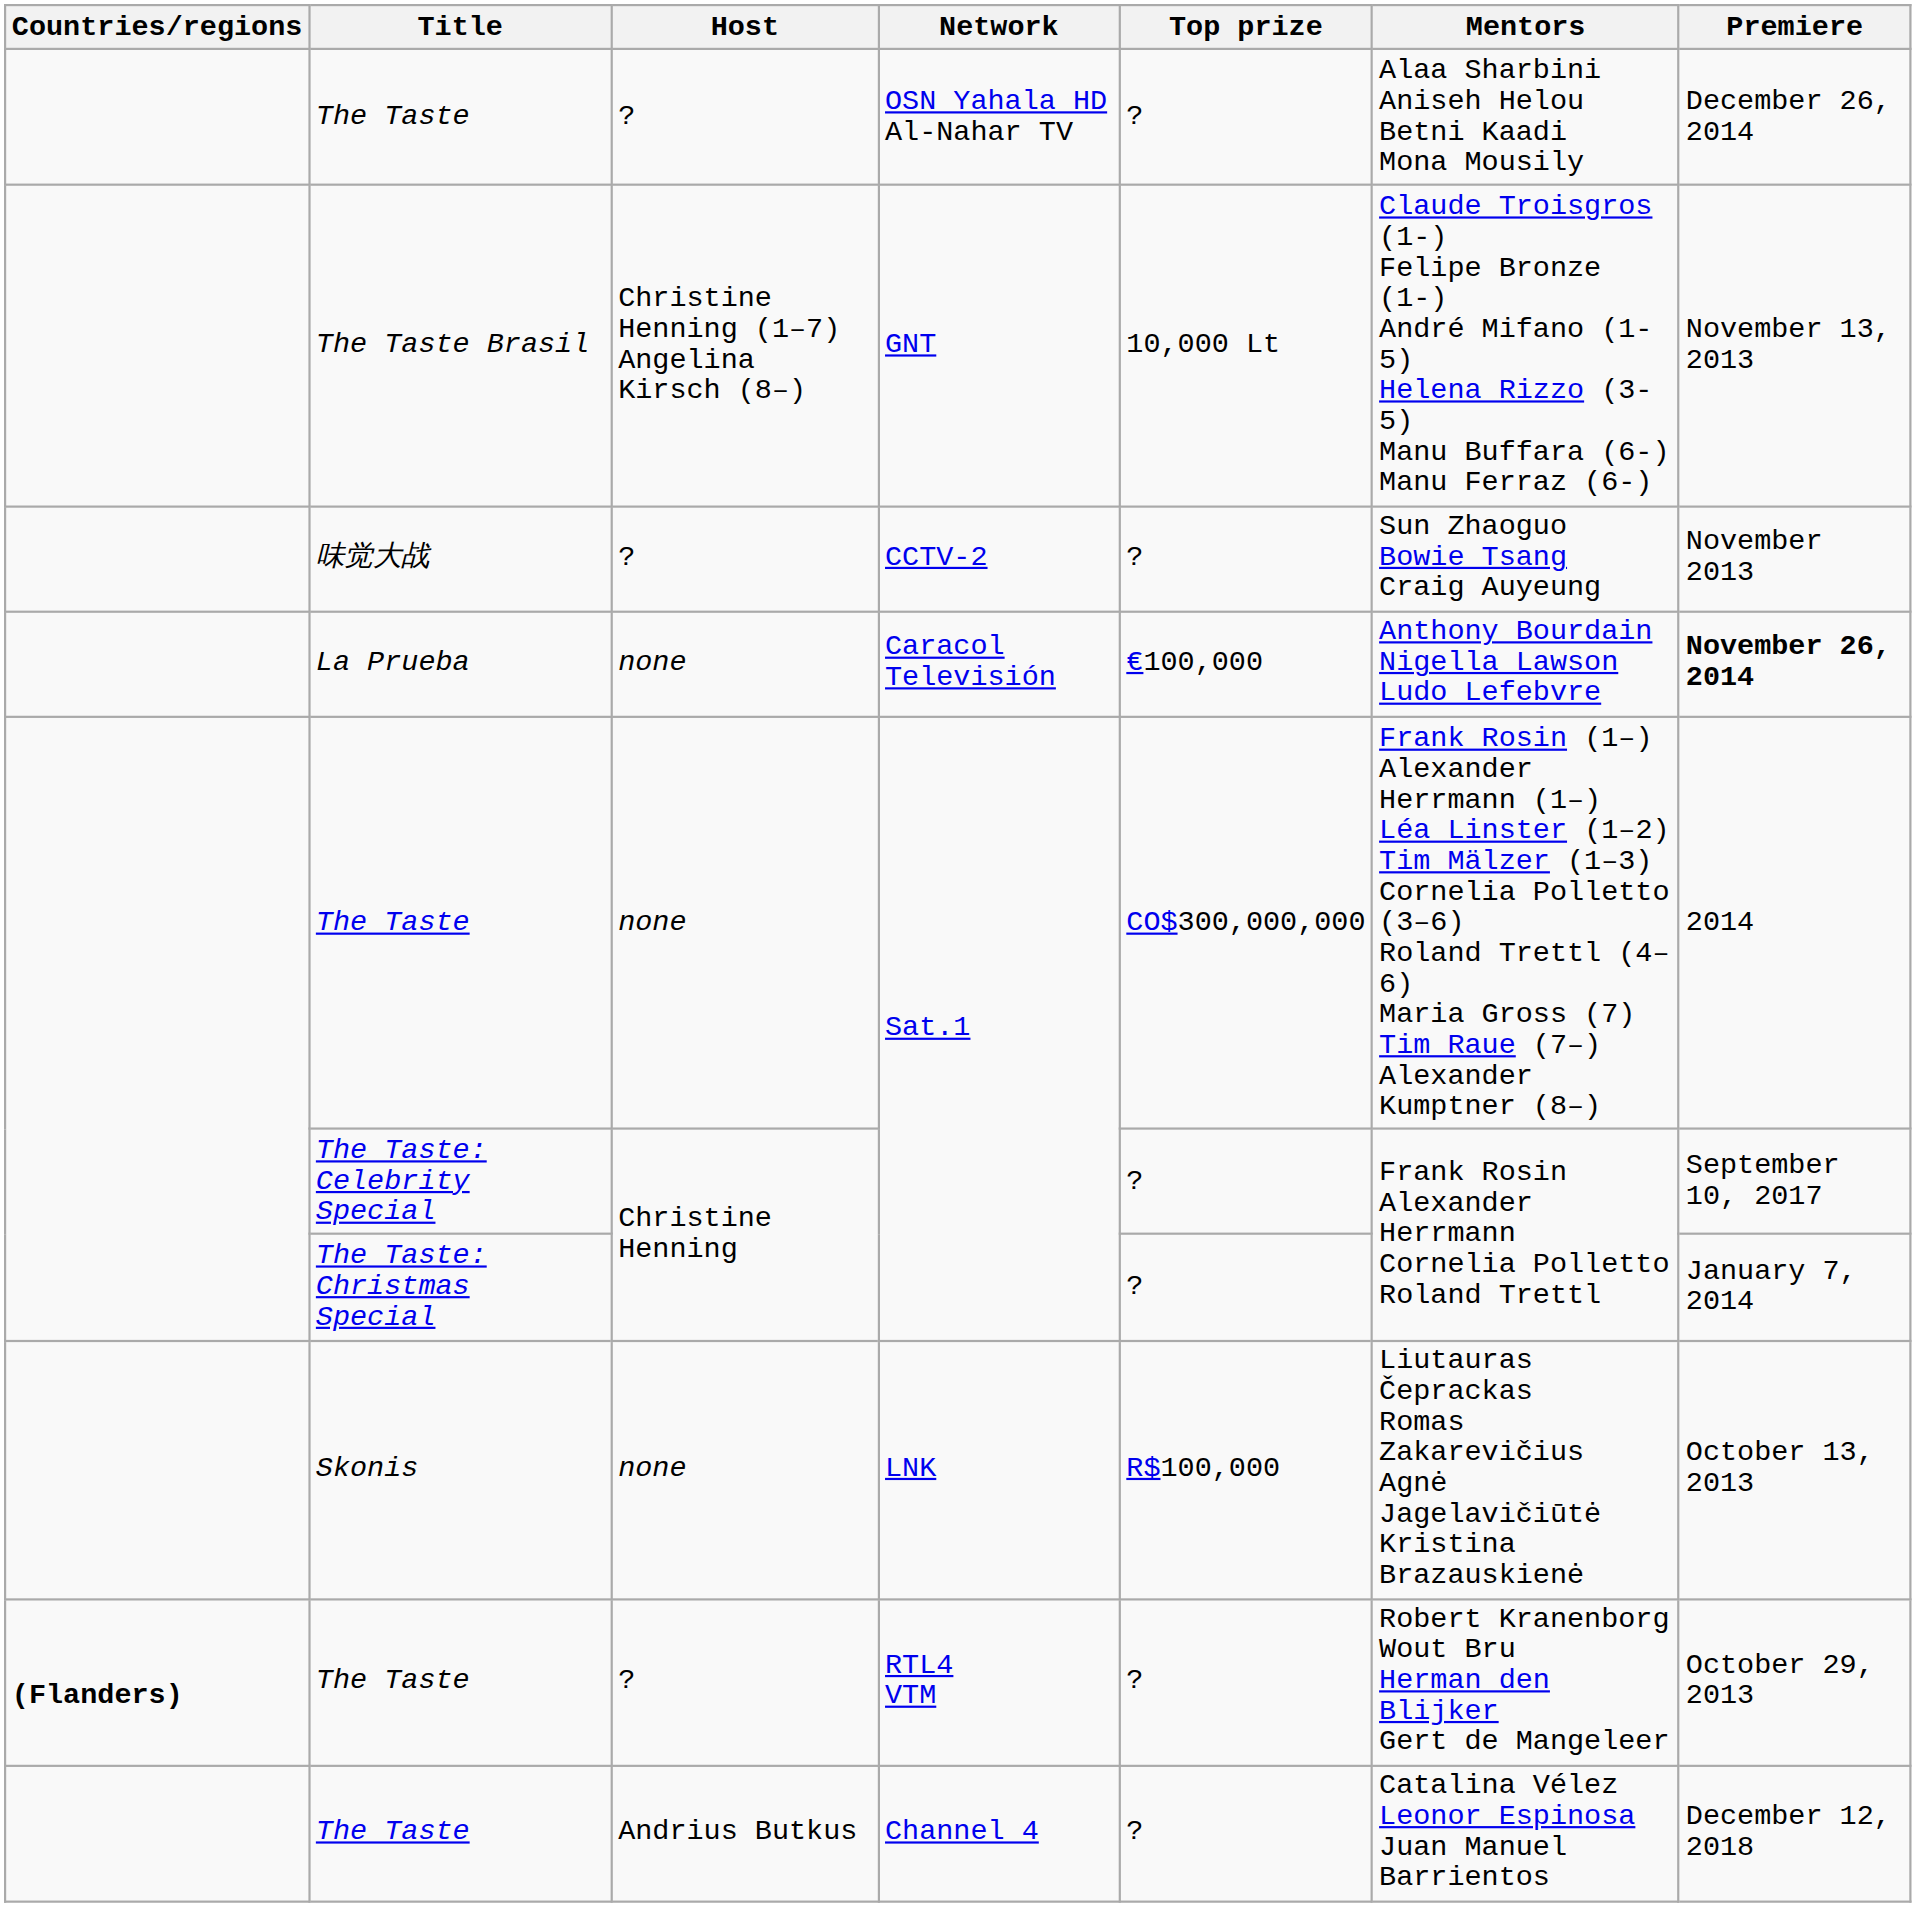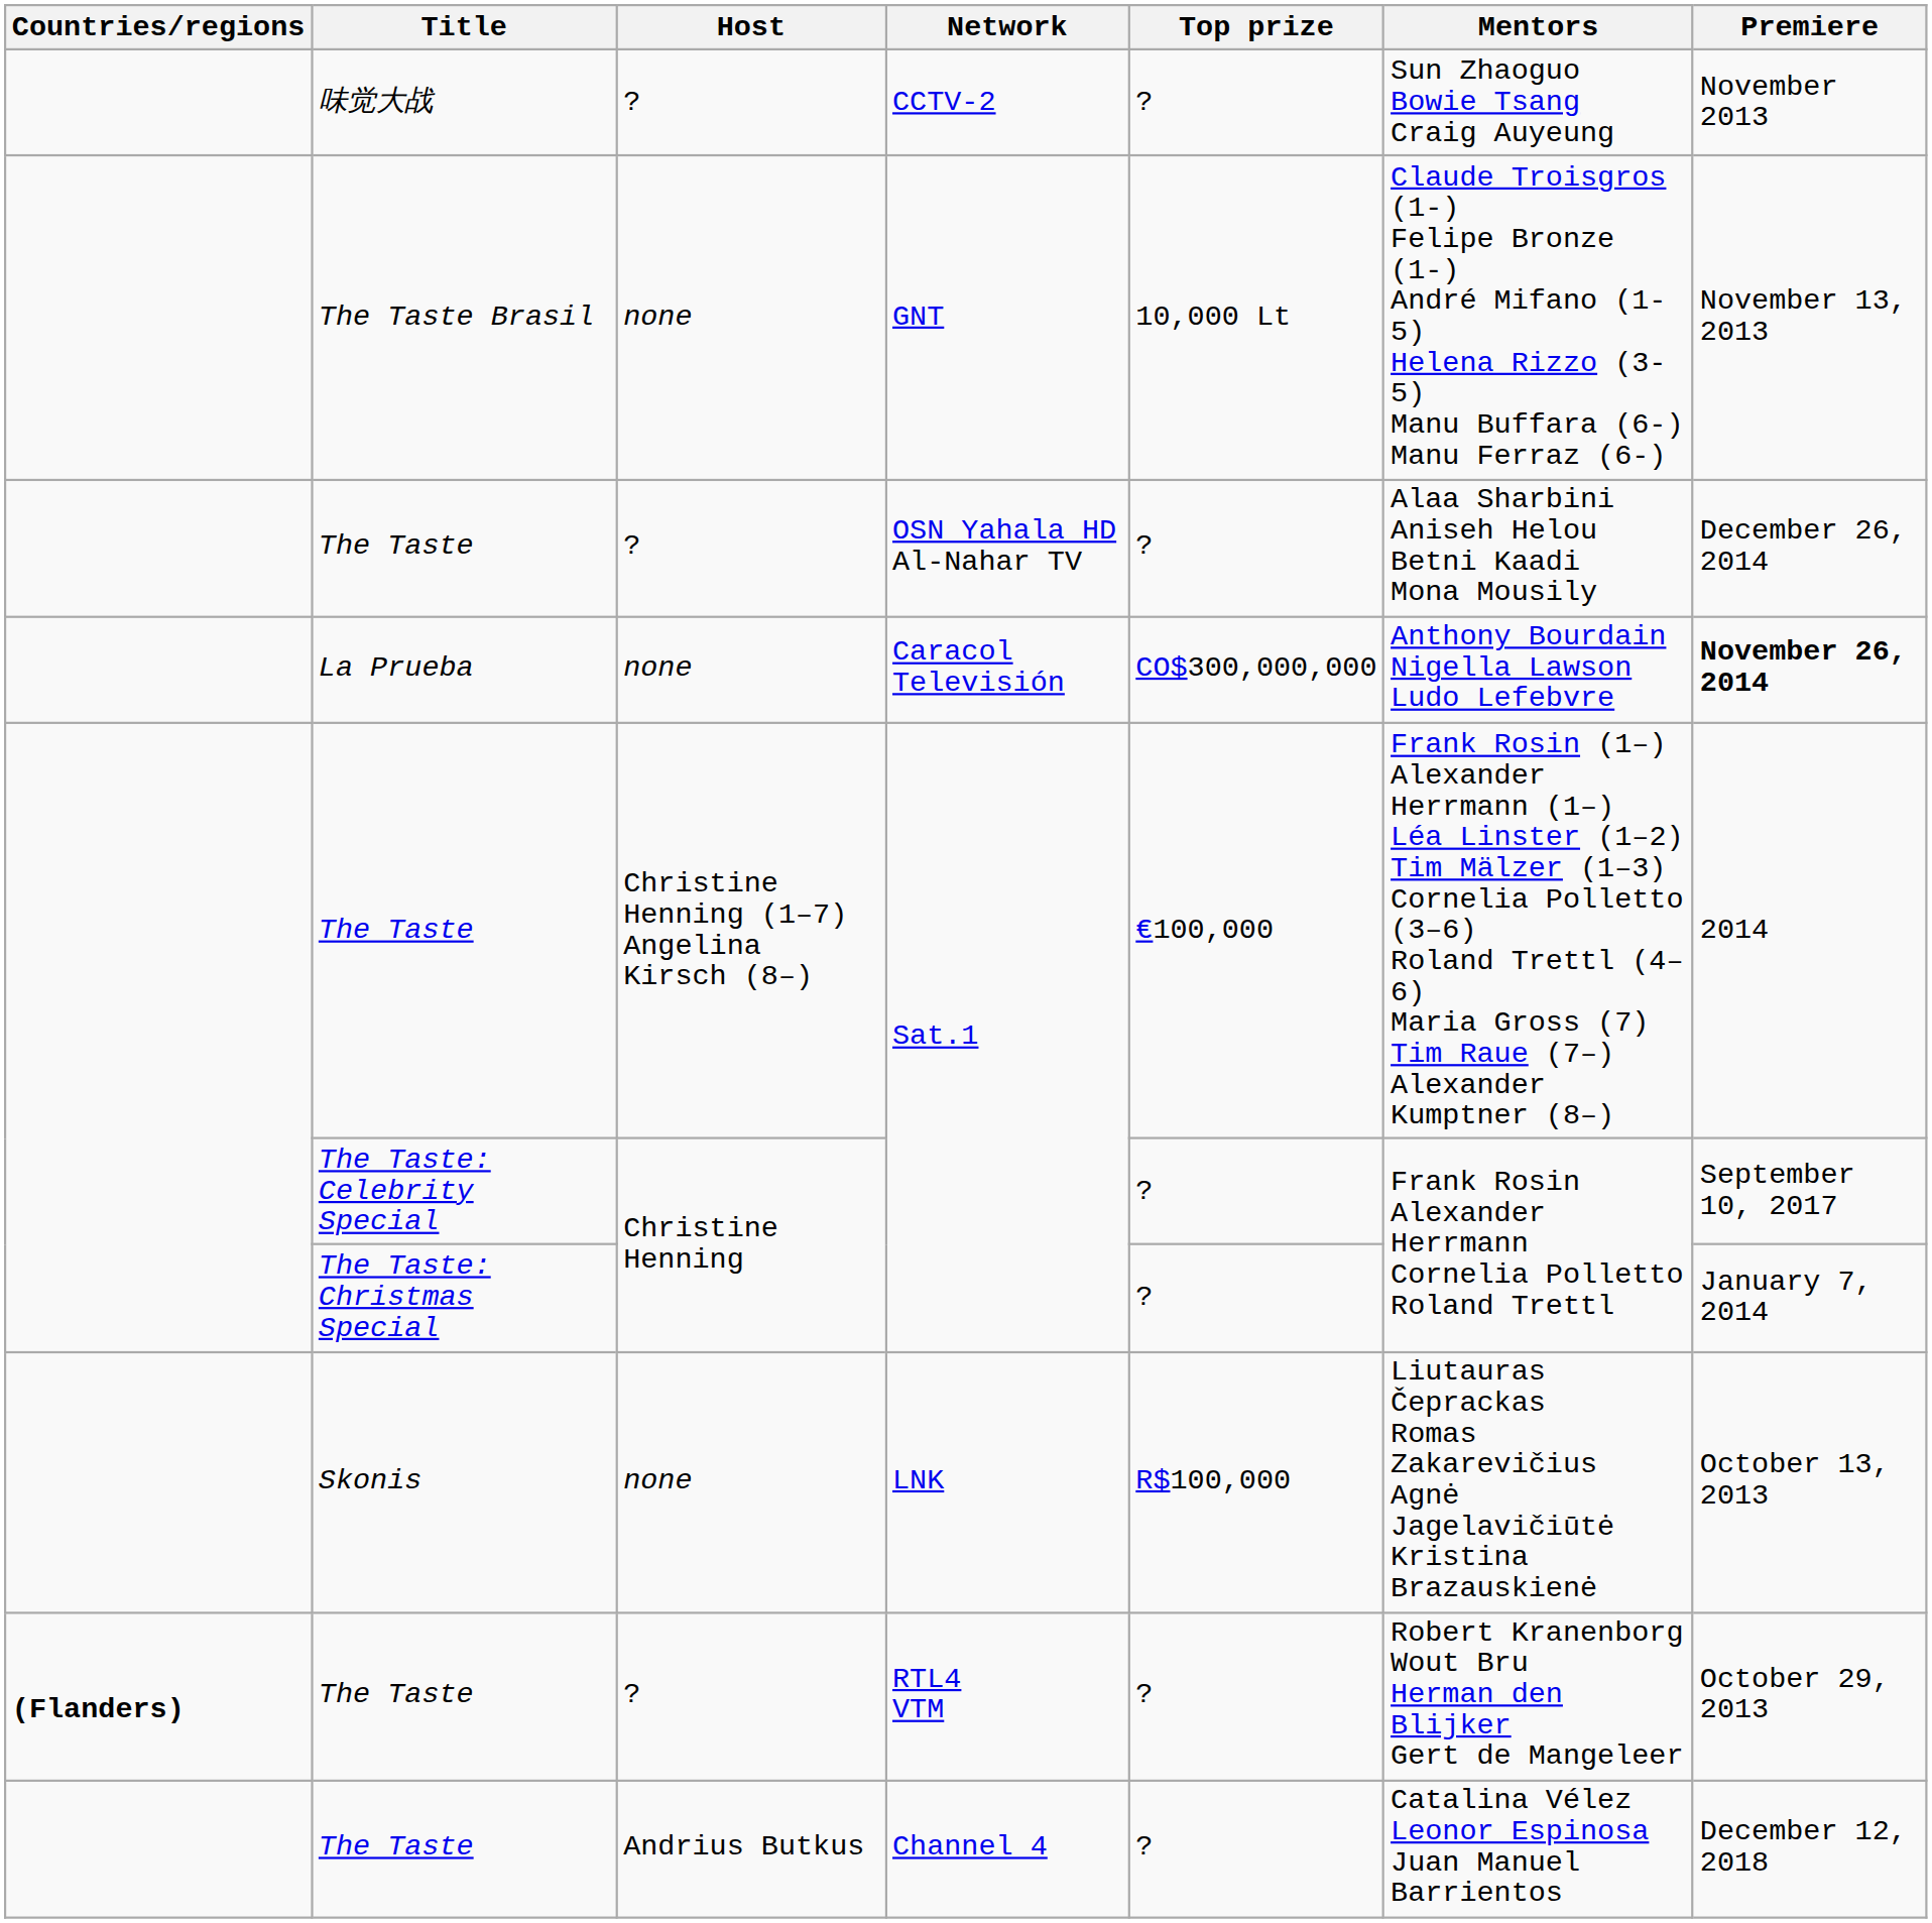 <table class="wikitable" style="text-align:left; line-height:14px;">
 <tr>
 <th scope="col">Countries/regions</th>
 <th scope="col">Title</th>
 <th scope="col">Host</th>
 <th scope="col">Network</th>
 <th scope="col">Top prize</th>
 <th scope="col">Mentors</th>
 <th scope="col">Premiere</th>
 </tr>
 <tr>
 <td></td>
+<td><em>味觉大战</em></td>
+<td>?</td>
+<td><a href='#'>CCTV-2</a></td>
+<td>?</td>
+<td>Sun Zhaoguo<br><a href='#'>Bowie Tsang</a><br>Craig Auyeung</td>
+<td>November 2013</td>
+</tr>
+<tr>
+<td></td>
+<td><em>The Taste Brasil</em></td>
+<td><em>none</em></td>
+<td><a href='#'>GNT</a></td>
+<td>10,000 Lt</td>
+<td><a href='#'>Claude Troisgros</a> (1-)<br>Felipe Bronze (1-)<br>André Mifano (1-5)<br><a href='#'>Helena Rizzo</a> (3-5)<br>Manu Buffara (6-)<br>Manu Ferraz (6-)</td>
+<td>November 13, 2013</td>
+</tr>
+<tr>
+<td></td>
 <td><em>The Taste</em></td>
 <td>?</td>
 <td><a href='#'>OSN Yahala HD</a> <br> Al-Nahar TV</td>
 <td>?</td>
 <td> Alaa Sharbini<br> Aniseh Helou<br> Betni Kaadi<br> Mona Mousily</td>
 <td>December 26, 2014</td>
 </tr>
 <tr>
 <td></td>
-<td><em>The Taste Brasil</em></td>
-<td>Christine Henning (1–7)<br>Angelina Kirsch (8–)</td>
-<td><a href='#'>GNT</a></td>
-<td>10,000 Lt</td>
-<td><a href='#'>Claude Troisgros</a> (1-)<br>Felipe Bronze (1-)<br>André Mifano (1-5)<br><a href='#'>Helena Rizzo</a> (3-5)<br>Manu Buffara (6-)<br>Manu Ferraz (6-)</td>
-<td>November 13, 2013</td>
-</tr>
-<tr>
-<td></td>
-<td><em>味觉大战</em></td>
-<td>?</td>
-<td><a href='#'>CCTV-2</a></td>
-<td>?</td>
-<td>Sun Zhaoguo<br><a href='#'>Bowie Tsang</a><br>Craig Auyeung</td>
-<td>November 2013</td>
-</tr>
-<tr>
-<td></td>
 <td><em>La Prueba</em></td>
 <td><em>none</em></td>
 <td><a href='#'>Caracol Televisión</a></td>
-<td><a href='#'>€</a>100,000</td>
+<td><a href='#'>CO$</a>300,000,000</td>
 <td><a href='#'>Anthony Bourdain</a><br><a href='#'>Nigella Lawson</a><br><a href='#'>Ludo Lefebvre</a></td>
 <td><strong>November 26, 2014</strong></td>
 </tr>
 <tr>
 <td rowspan="3"></td>
 <td><em><a href='#'>The Taste</a></em></td>
-<td><em>none</em></td>
+<td>Christine Henning (1–7)<br>Angelina Kirsch (8–)</td>
 <td rowspan="3"><a href='#'>Sat.1</a></td>
-<td><a href='#'>CO$</a>300,000,000</td>
+<td><a href='#'>€</a>100,000</td>
 <td><a href='#'>Frank Rosin</a> (1–)<br>Alexander Herrmann (1–)<br><a href='#'>Léa Linster</a> (1–2)<br><a href='#'>Tim Mälzer</a> (1–3)<br>Cornelia Polletto (3–6)<br>Roland Trettl (4–6)<br>Maria Gross (7)<br><a href='#'>Tim Raue</a> (7–)<br>Alexander Kumptner (8–)</td>
 <td>2014</td>
 </tr>
 <tr>
 <td><em><a href='#'>The Taste: Celebrity Special</a></em></td>
 <td rowspan="2">Christine Henning</td>
 <td>?</td>
 <td rowspan="2">Frank Rosin<br>Alexander Herrmann<br>Cornelia Polletto<br>Roland Trettl</td>
 <td>September 10, 2017</td>
 </tr>
 <tr>
 <td><em><a href='#'>The Taste: Christmas Special</a></em></td>
 <td>?</td>
 <td>January 7, 2014</td>
 </tr>
 <tr>
 <td></td>
 <td><em>Skonis</em></td>
 <td><em>none</em></td>
 <td><a href='#'>LNK</a></td>
 <td><a href='#'>R$</a>100,000</td>
 <td>Liutauras Čeprackas<br>Romas Zakarevičius<br>Agnė Jagelavičiūtė<br>Kristina Brazauskienė</td>
 <td>October 13, 2013</td>
 </tr>
 <tr>
 <td><strong><br> (Flanders)</strong></td>
 <td><em>The Taste</em></td>
 <td>?</td>
 <td><a href='#'>RTL4</a><br><a href='#'>VTM</a></td>
 <td>?</td>
 <td>Robert Kranenborg<br>Wout Bru<br><a href='#'>Herman den Blijker</a><br>Gert de Mangeleer</td>
 <td>October 29, 2013</td>
 </tr>
 <tr>
 <td></td>
 <td><em><a href='#'>The Taste</a></em></td>
 <td>Andrius Butkus</td>
 <td><a href='#'>Channel 4</a></td>
 <td>?</td>
 <td>Catalina Vélez<br><a href='#'>Leonor Espinosa</a><br>Juan Manuel Barrientos</td>
 <td>December 12, 2018</td>
 </tr>
 </table>
